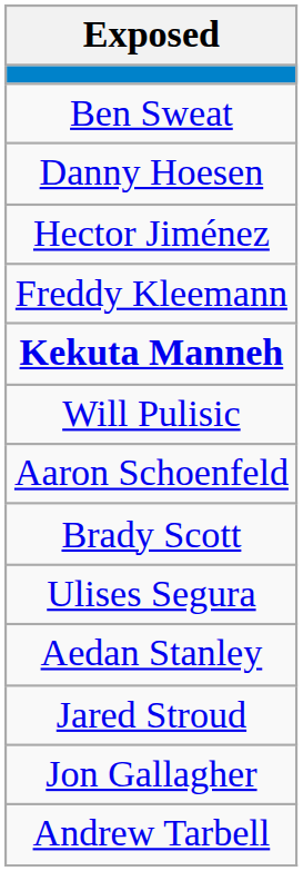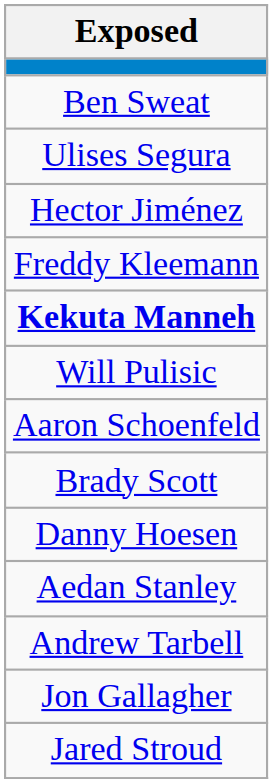 <table class="wikitable" style="text-align:center">
 <tr>
 <th>Exposed</th>
 </tr>
 <tr>
 <td style="background: #0082CA"></td>
 </tr>
 <tr>
 <td><a href='#'>Ben Sweat</a></td>
 </tr>
 <tr>
-<td><a href='#'>Danny Hoesen</a></td>
+<td><a href='#'>Ulises Segura</a></td>
 </tr>
 <tr>
 <td><a href='#'>Hector Jiménez</a></td>
 </tr>
 <tr>
 <td><a href='#'>Freddy Kleemann</a></td>
 </tr>
 <tr>
 <td><strong><a href='#'>Kekuta Manneh</a></strong></td>
 </tr>
 <tr>
 <td><a href='#'>Will Pulisic</a></td>
 </tr>
 <tr>
 <td><a href='#'>Aaron Schoenfeld</a></td>
 </tr>
 <tr>
 <td><a href='#'>Brady Scott</a></td>
 </tr>
 <tr>
-<td><a href='#'>Ulises Segura</a></td>
+<td><a href='#'>Danny Hoesen</a></td>
 </tr>
 <tr>
 <td><a href='#'>Aedan Stanley</a></td>
 </tr>
 <tr>
-<td><a href='#'>Jared Stroud</a></td>
+<td><a href='#'>Andrew Tarbell</a></td>
 </tr>
 <tr>
 <td><a href='#'>Jon Gallagher</a></td>
 </tr>
 <tr>
-<td><a href='#'>Andrew Tarbell</a></td>
+<td><a href='#'>Jared Stroud</a></td>
 </tr>
 <tr>
 </tr>
 </table>
